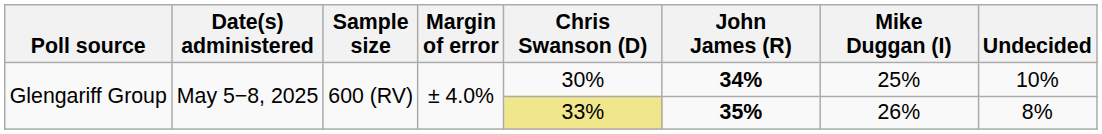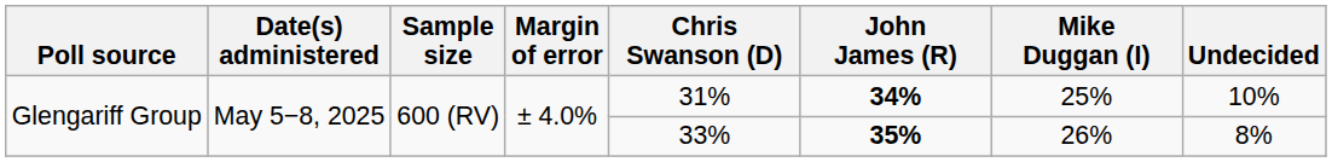 <table class="wikitable" style="font-size:90%;text-align:center;">
 <tr valign=bottom>
 <th>Poll source</th>
 <th>Date(s)<br>administered</th>
 <th>Sample<br>size</th>
 <th>Margin<br>of error</th>
 <th style="width:100px;">Chris<br>Swanson (D)</th>
 <th style="width:100px;">John<br>James (R)</th>
 <th style="width:100px;">Mike<br>Duggan (I)</th>
 <th>Undecided</th>
 </tr>
 <tr>
 <td style="text-align:left;" rowspan="2">Glengariff Group</td>
 <td rowspan="2">May 5−8, 2025</td>
 <td rowspan="2">600 (RV)</td>
 <td rowspan="2">± 4.0%</td>
-<td>30%</td>
+<td>31%</td>
 <td><strong>34%</strong></td>
 <td>25%</td>
 <td>10%</td>
 </tr>
 <tr>
-<td style="background: khaki;">33%</td>
+<td>33%</td>
 <td><strong>35%</strong></td>
 <td>26%</td>
 <td>8%</td>
 </tr>
 </table>
